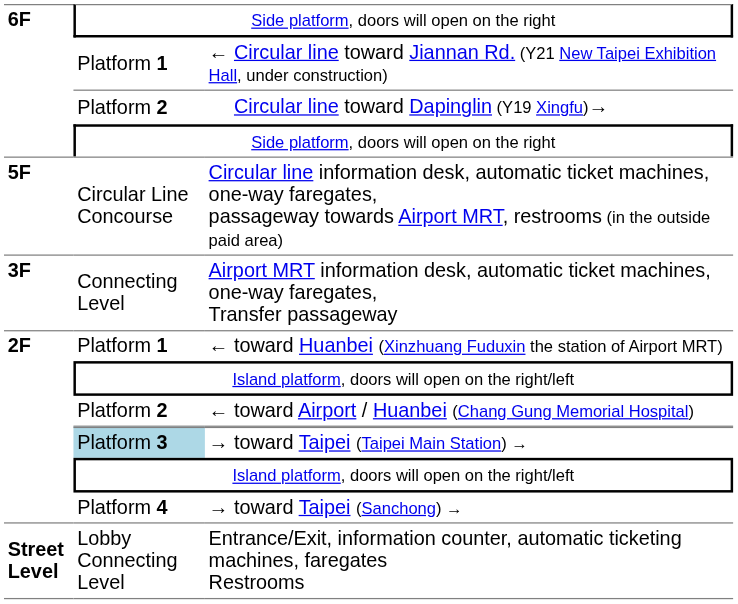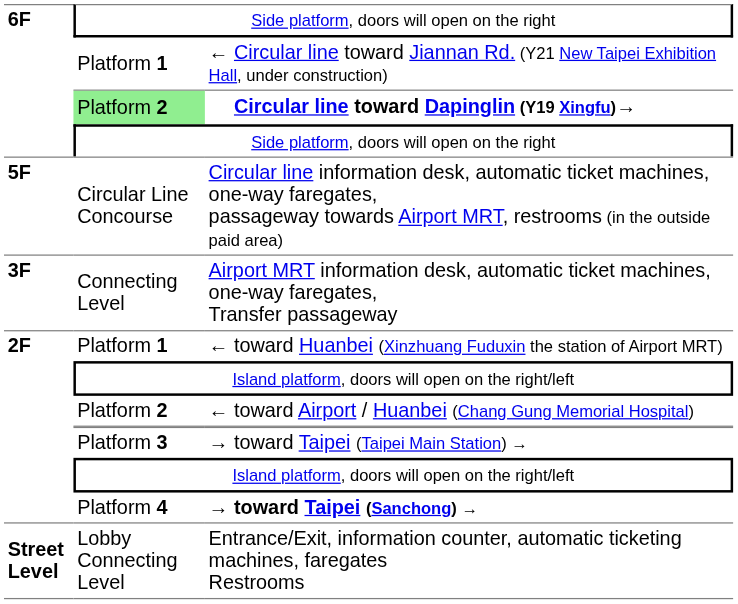 <table cellspacing=0 cellpadding=3>
 <tr>
 <td style="border-top:solid 1px gray;border-bottom:solid 0px gray;" width=50 rowspan=5 valign=top><strong>6F</strong></td>
 </tr>
 <tr>
 <td style="border-right:solid 2px black;border-left:solid 2px black;border-bottom:solid 2px black;border-top:solid 1px gray;text-align:center;" colspan=2><small><a href='#'>Side platform</a>, doors will open on the right</small></td>
 </tr>
 <tr>
 <td style="border-bottom:solid 1px gray;" width=100>Platform <span><strong>1</strong></span></td>
 <td style="border-bottom:solid 1px gray;" width=420>← <a href='#'>Circular line</a> toward <a href='#'>Jiannan Rd.</a><small> (Y21 <a href='#'>New Taipei Exhibition Hall</a>, under construction)</small></td>
 </tr>
 <tr>
-<td style="border-bottom:solid 0px gray;" width=100>Platform <span><strong>2</strong></span></td>
-<td style="border-bottom:solid 0px gray;" width=420>　 <a href='#'>Circular line</a> toward <a href='#'>Dapinglin</a><small> (Y19 <a href='#'>Xingfu</a>)</small>→</td>
+<td style="background: lightgreen; border-bottom:solid 0px gray;" width=100>Platform <span><strong>2</strong></span></td>
+<td style="border-bottom:solid 0px gray;" width=420><strong>　 <a href='#'>Circular line</a> toward <a href='#'>Dapinglin</a><small> (Y19 <a href='#'>Xingfu</a>)</small>→</strong></td>
 </tr>
 <tr>
 <td style="border-top:solid 2px black;border-right:solid 2px black;border-left:solid 2px black;border-bottom:solid 0px gray;text-align:center;" colspan=2><small><a href='#'>Side platform</a>, doors will open on the right</small></td>
 </tr>
 <tr>
 <td style="border-top:solid 1px gray;" width=50 valign=top><strong>5F</strong></td>
 <td style="border-top:solid 1px gray;">Circular Line Concourse</td>
 <td style="border-top:solid 1px gray;"><a href='#'>Circular line</a> information desk, automatic ticket machines, one-way faregates,<br>passageway towards <a href='#'>Airport MRT</a>, restrooms<small> (in the outside paid area)</small></td>
 </tr>
 <tr>
 <td style="border-top:solid 1px gray;" width=50 valign=top><strong>3F</strong></td>
 <td style="border-top:solid 1px gray;">Connecting Level</td>
 <td style="border-top:solid 1px gray;"><a href='#'>Airport MRT</a> information desk, automatic ticket machines, one-way faregates,<br>Transfer passageway</td>
 </tr>
 <tr>
 <td style="border-top:solid 1px gray;border-bottom:solid 1px gray;" width=50 rowspan=6 valign=top><strong>2F</strong></td>
 <td style="border-top:solid 1px gray;" width=100>Platform <span><strong>1</strong></span></td>
 <td style="border-top:solid 1px gray;" width=390>←  toward <a href='#'>Huanbei</a> <small>(<a href='#'>Xinzhuang Fuduxin</a> the station of Airport MRT)</small></td>
 </tr>
 <tr>
 <td style="border-top:solid 2px black;border-right:solid 2px black;border-left:solid 2px black;border-bottom:solid 2px black;text-align:center;" colspan=2><small><a href='#'>Island platform</a>, doors will open on the right/left</small></td>
 </tr>
 <tr>
 <td style="border-bottom:solid 1px gray;">Platform <span><strong>2</strong></span></td>
 <td style="border-bottom:solid 1px gray;">←  toward <a href='#'>Airport</a> / <a href='#'>Huanbei</a> <small>(<a href='#'>Chang Gung Memorial Hospital</a>)</small></td>
 </tr>
 <tr>
-<td style="background: lightblue; border-top:solid 1px gray;" width=100>Platform <span><strong>3</strong></span></td>
+<td style="border-top:solid 1px gray;" width=100>Platform <span><strong>3</strong></span></td>
 <td style="border-top:solid 1px gray;" width=390><span>→</span>  toward <a href='#'>Taipei</a> <small>(<a href='#'>Taipei Main Station</a>) →</small></td>
 </tr>
 <tr>
 <td style="border-top:solid 2px black;border-right:solid 2px black;border-left:solid 2px black;border-bottom:solid 2px black;text-align:center;" colspan=2><small><a href='#'>Island platform</a>, doors will open on the right/left</small></td>
 </tr>
 <tr>
 <td style="border-bottom:solid 1px gray;">Platform <span><strong>4</strong></span></td>
-<td style="border-bottom:solid 1px gray;"><span>→</span>  toward <a href='#'>Taipei</a> <small>(<a href='#'>Sanchong</a>) →</small></td>
+<td style="border-bottom:solid 1px gray;"><strong><span>→</span>  toward <a href='#'>Taipei</a> <small>(<a href='#'>Sanchong</a>) →</small></strong></td>
 </tr>
 <tr>
 <td style="border-bottom:solid 1px gray;"><strong>Street Level</strong></td>
 <td style="border-bottom:solid 1px gray;">Lobby<br>Connecting Level</td>
 <td style="border-bottom:solid 1px gray;">Entrance/Exit, information counter, automatic ticketing machines, faregates<br>Restrooms</td>
 </tr>
 </table>
